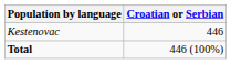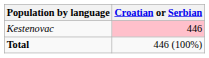 <table class="wikitable sortable">
 <tr>
 <th>Population by language</th>
 <th><a href='#'>Croatian</a> or <a href='#'>Serbian</a></th>
 </tr>
 <tr>
 <td><em>Kestenovac</em></td>
-<td align="right">446</td>
+<td align="right" style="background: pink;">446</td>
 </tr>
 <tr>
 <td><strong>Total</strong></td>
 <td align="right">446 (100%)</td>
 </tr>
 </table>
